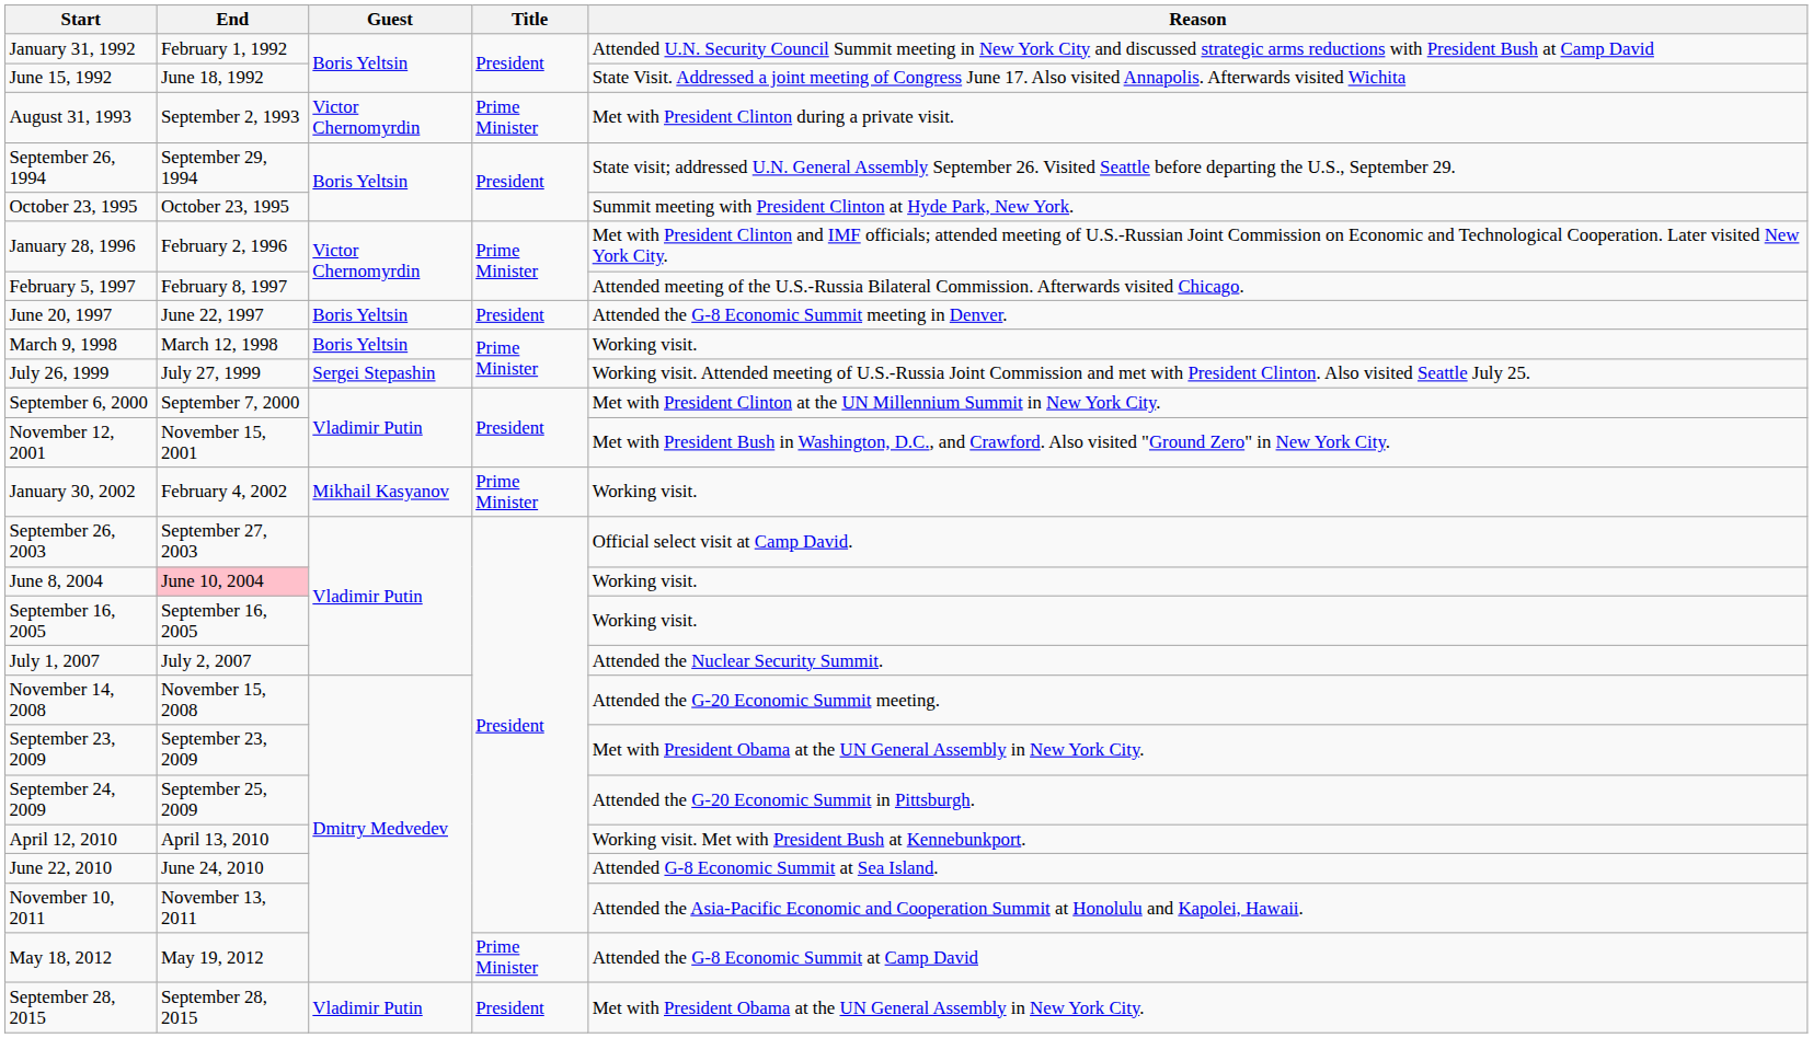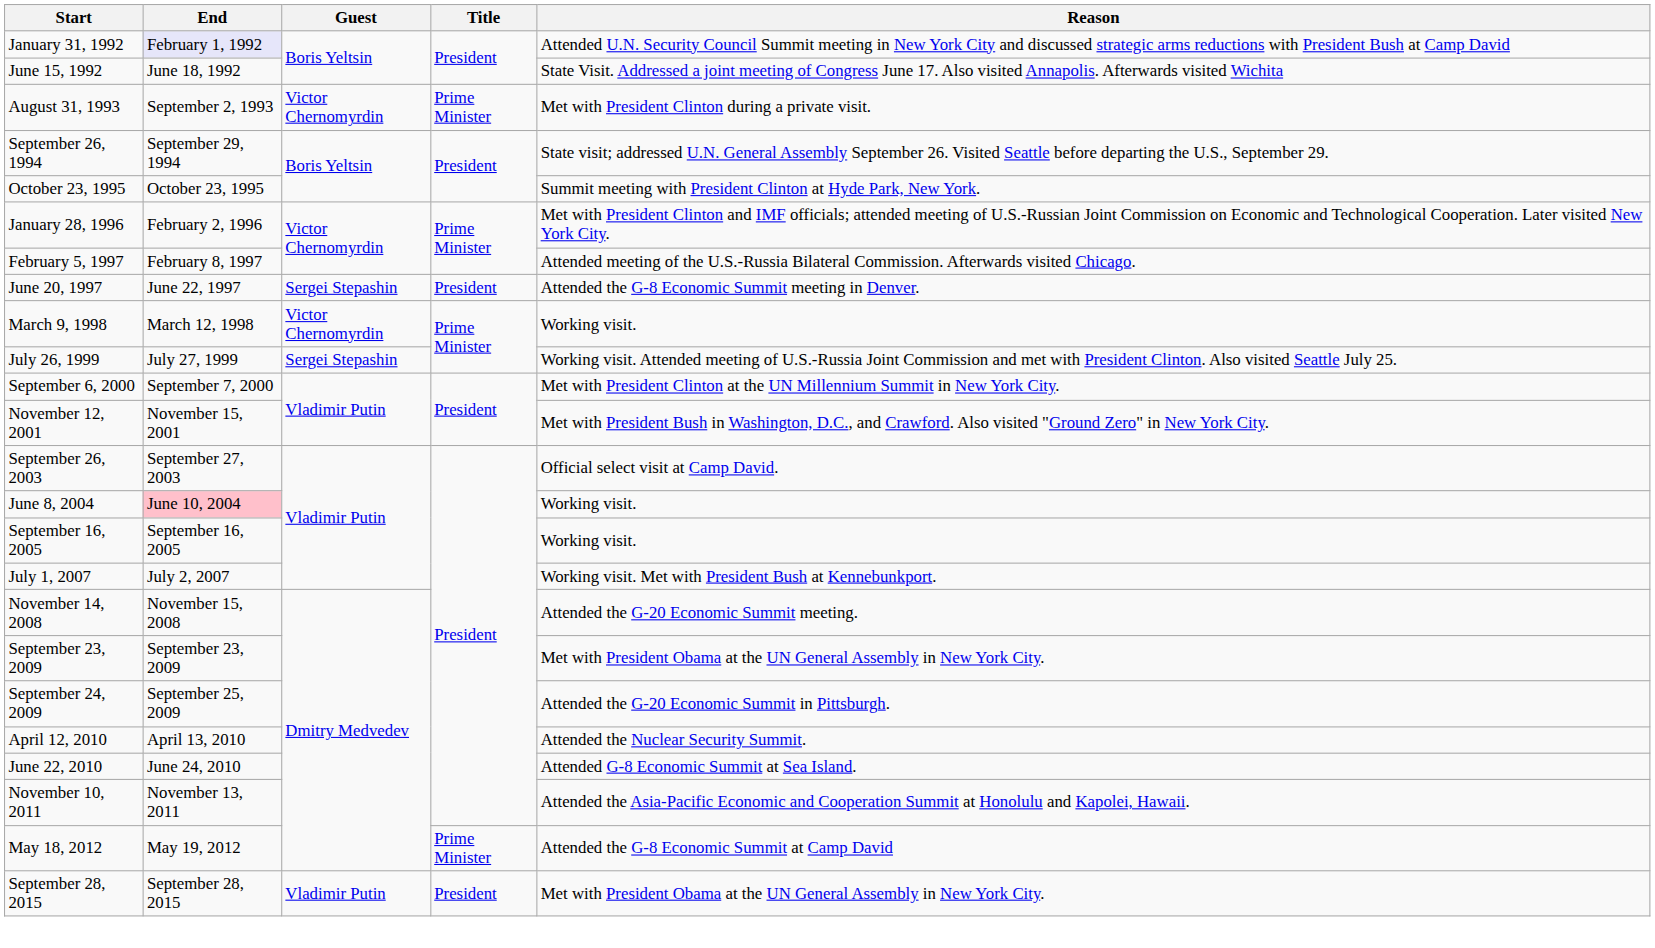 <table class="wikitable sortable">
 <tr>
 <th>Start</th>
 <th>End</th>
 <th>Guest</th>
 <th>Title</th>
 <th>Reason</th>
 </tr>
 <tr>
 <td>January 31, 1992</td>
-<td>February 1, 1992</td>
+<td style="background: lavender;">February 1, 1992</td>
 <td rowspan=2><a href='#'>Boris Yeltsin</a></td>
 <td rowspan=2><a href='#'>President</a></td>
 <td>Attended <a href='#'>U.N. Security Council</a> Summit meeting in <a href='#'>New York City</a> and discussed <a href='#'>strategic arms reductions</a> with <a href='#'>President Bush</a> at <a href='#'>Camp David</a></td>
 </tr>
 <tr>
 <td>June 15, 1992</td>
 <td>June 18, 1992</td>
 <td>State Visit. <a href='#'>Addressed a joint meeting of Congress</a> June 17. Also visited <a href='#'>Annapolis</a>. Afterwards visited <a href='#'>Wichita</a></td>
 </tr>
 <tr>
 <td>August 31, 1993</td>
 <td>September 2, 1993</td>
 <td><a href='#'>Victor Chernomyrdin</a></td>
 <td><a href='#'>Prime Minister</a></td>
 <td>Met with <a href='#'>President Clinton</a> during a private visit.</td>
 </tr>
 <tr>
 <td>September 26, 1994</td>
 <td>September 29, 1994</td>
 <td rowspan=2><a href='#'>Boris Yeltsin</a></td>
 <td rowspan="2"><a href='#'>President</a></td>
 <td>State visit; addressed <a href='#'>U.N. General Assembly</a> September 26. Visited <a href='#'>Seattle</a> before departing the U.S., September 29.</td>
 </tr>
 <tr>
 <td>October 23, 1995</td>
 <td>October 23, 1995</td>
 <td>Summit meeting with <a href='#'>President Clinton</a> at <a href='#'>Hyde Park, New York</a>.</td>
 </tr>
 <tr>
 <td>January 28, 1996</td>
 <td>February 2, 1996</td>
 <td rowspan=2><a href='#'>Victor Chernomyrdin</a></td>
 <td rowspan="2"><a href='#'>Prime Minister</a></td>
 <td>Met with <a href='#'>President Clinton</a> and <a href='#'>IMF</a> officials; attended meeting of U.S.-Russian Joint Commission on Economic and Technological Cooperation. Later visited <a href='#'>New York City</a>.</td>
 </tr>
 <tr>
 <td>February 5, 1997</td>
 <td>February 8, 1997</td>
 <td>Attended meeting of the U.S.-Russia Bilateral Commission. Afterwards visited <a href='#'>Chicago</a>.</td>
 </tr>
 <tr>
 <td>June 20, 1997</td>
 <td>June 22, 1997</td>
-<td><a href='#'>Boris Yeltsin</a></td>
+<td><a href='#'>Sergei Stepashin</a></td>
 <td><a href='#'>President</a></td>
 <td>Attended the <a href='#'>G-8 Economic Summit</a> meeting in <a href='#'>Denver</a>.</td>
 </tr>
 <tr>
 <td>March 9, 1998</td>
 <td>March 12, 1998</td>
-<td><a href='#'>Boris Yeltsin</a></td>
+<td><a href='#'>Victor Chernomyrdin</a></td>
 <td rowspan="2"><a href='#'>Prime Minister</a></td>
 <td>Working visit.</td>
 </tr>
 <tr>
 <td>July 26, 1999</td>
 <td>July 27, 1999</td>
 <td><a href='#'>Sergei Stepashin</a></td>
 <td>Working visit. Attended meeting of U.S.-Russia Joint Commission and met with <a href='#'>President Clinton</a>. Also visited <a href='#'>Seattle</a> July 25.</td>
 </tr>
 <tr>
 <td>September 6, 2000</td>
 <td>September 7, 2000</td>
 <td rowspan=2><a href='#'>Vladimir Putin</a></td>
 <td rowspan="2"><a href='#'>President</a></td>
 <td>Met with <a href='#'>President Clinton</a> at the <a href='#'>UN Millennium Summit</a> in <a href='#'>New York City</a>.</td>
 </tr>
 <tr>
 <td>November 12, 2001</td>
 <td>November 15, 2001</td>
 <td>Met with <a href='#'>President Bush</a> in <a href='#'>Washington, D.C.</a>, and <a href='#'>Crawford</a>. Also visited "<a href='#'>Ground Zero</a>" in <a href='#'>New York City</a>.</td>
 </tr>
 <tr>
-<td>January 30, 2002</td>
-<td>February 4, 2002</td>
-<td><a href='#'>Mikhail Kasyanov</a></td>
-<td><a href='#'>Prime Minister</a></td>
-<td>Working visit.</td>
-</tr>
-<tr>
 <td>September 26, 2003</td>
 <td>September 27, 2003</td>
 <td rowspan=4><a href='#'>Vladimir Putin</a></td>
 <td rowspan="10"><a href='#'>President</a></td>
 <td>Official select visit at <a href='#'>Camp David</a>.</td>
 </tr>
 <tr>
 <td>June 8, 2004</td>
 <td style="background: pink;">June 10, 2004</td>
 <td>Working visit.</td>
 </tr>
 <tr>
 <td>September 16, 2005</td>
 <td>September 16, 2005</td>
 <td>Working visit.</td>
 </tr>
 <tr>
 <td>July 1, 2007</td>
 <td>July 2, 2007</td>
-<td>Attended the <a href='#'>Nuclear Security Summit</a>.</td>
+<td>Working visit. Met with <a href='#'>President Bush</a> at <a href='#'>Kennebunkport</a>.</td>
 </tr>
 <tr>
 <td>November 14, 2008</td>
 <td>November 15, 2008</td>
 <td rowspan=7><a href='#'>Dmitry Medvedev</a></td>
 <td>Attended the <a href='#'>G-20 Economic Summit</a> meeting.</td>
 </tr>
 <tr>
 <td>September 23, 2009</td>
 <td>September 23, 2009</td>
 <td>Met with <a href='#'>President Obama</a> at the <a href='#'>UN General Assembly</a> in <a href='#'>New York City</a>.</td>
 </tr>
 <tr>
 <td>September 24, 2009</td>
 <td>September 25, 2009</td>
 <td>Attended the <a href='#'>G-20 Economic Summit</a> in <a href='#'>Pittsburgh</a>.</td>
 </tr>
 <tr>
 <td>April 12, 2010</td>
 <td>April 13, 2010</td>
-<td>Working visit. Met with <a href='#'>President Bush</a> at <a href='#'>Kennebunkport</a>.</td>
+<td>Attended the <a href='#'>Nuclear Security Summit</a>.</td>
 </tr>
 <tr>
 <td>June 22, 2010</td>
 <td>June 24, 2010</td>
 <td>Attended <a href='#'>G-8 Economic Summit</a> at <a href='#'>Sea Island</a>.</td>
 </tr>
 <tr>
 <td>November 10, 2011</td>
 <td>November 13, 2011</td>
 <td>Attended the <a href='#'>Asia-Pacific Economic and Cooperation Summit</a> at <a href='#'>Honolulu</a> and <a href='#'>Kapolei, Hawaii</a>.</td>
 </tr>
 <tr>
 <td>May 18, 2012</td>
 <td>May 19, 2012</td>
 <td><a href='#'>Prime Minister</a></td>
 <td>Attended the <a href='#'>G-8 Economic Summit</a> at <a href='#'>Camp David</a></td>
 </tr>
 <tr>
 <td>September 28, 2015</td>
 <td>September 28, 2015</td>
 <td><a href='#'>Vladimir Putin</a></td>
 <td><a href='#'>President</a></td>
 <td>Met with <a href='#'>President Obama</a> at the <a href='#'>UN General Assembly</a> in <a href='#'>New York City</a>.</td>
 </tr>
 </table>
